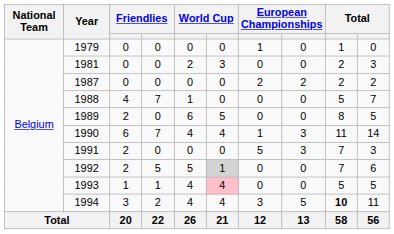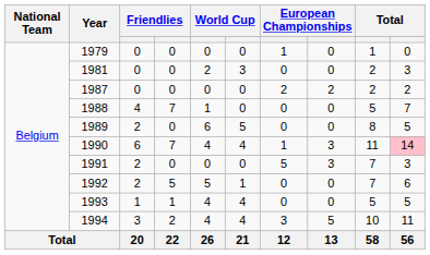 <table class="wikitable">
 <tr>
 <th width=80 rowspan="2">National<br>Team</th>
 <th width=60 rowspan="2">Year</th>
 <th width=80 colspan="2"><a href='#'>Friendlies</a></th>
 <th width=80 colspan="2"><a href='#'>World Cup</a></th>
 <th width=80 colspan="2"><a href='#'>European Championships</a></th>
 <th width=80 colspan="2">Total</th>
 </tr>
 <tr style="text-align:center;">
 <th width=40 App></th>
 <th width=40 abbr="Goals against"></th>
 <th width=40 App></th>
 <th width=40 abbr="Goals against"></th>
 <th width=40 App></th>
 <th width=40 abbr="Goals against"></th>
 <th width=40 App></th>
 <th width=40 abbr="Goals against"></th>
 </tr>
 <tr style="text-align:center;">
 <td rowspan="10" align=center valign=center><a href='#'>Belgium</a><br></td>
 <td>1979</td>
 <td>0</td>
 <td>0</td>
 <td>0</td>
 <td>0</td>
 <td>1</td>
 <td>0</td>
 <td>1</td>
 <td>0</td>
 </tr>
 <tr style="text-align:center;">
 <td>1981</td>
 <td>0</td>
 <td>0</td>
 <td>2</td>
 <td>3</td>
 <td>0</td>
 <td>0</td>
 <td>2</td>
 <td>3</td>
 </tr>
 <tr style="text-align:center;">
 <td>1987</td>
 <td>0</td>
 <td>0</td>
 <td>0</td>
 <td>0</td>
 <td>2</td>
 <td>2</td>
 <td>2</td>
 <td>2</td>
 </tr>
 <tr style="text-align:center;">
 <td>1988</td>
 <td>4</td>
 <td>7</td>
 <td>1</td>
 <td>0</td>
 <td>0</td>
 <td>0</td>
 <td>5</td>
 <td>7</td>
 </tr>
 <tr style="text-align:center;">
 <td>1989</td>
 <td>2</td>
 <td>0</td>
 <td>6</td>
 <td>5</td>
 <td>0</td>
 <td>0</td>
 <td>8</td>
 <td>5</td>
 </tr>
 <tr style="text-align:center;">
 <td>1990</td>
 <td>6</td>
 <td>7</td>
 <td>4</td>
 <td>4</td>
 <td>1</td>
 <td>3</td>
 <td>11</td>
-<td>14</td>
+<td style="background: pink;">14</td>
 </tr>
 <tr style="text-align:center;">
 <td>1991</td>
 <td>2</td>
 <td>0</td>
 <td>0</td>
 <td>0</td>
 <td>5</td>
 <td>3</td>
 <td>7</td>
 <td>3</td>
 </tr>
 <tr style="text-align:center;">
 <td>1992</td>
 <td>2</td>
 <td>5</td>
 <td>5</td>
-<td style="background: lightgrey;">1</td>
+<td>1</td>
 <td>0</td>
 <td>0</td>
 <td>7</td>
 <td>6</td>
 </tr>
 <tr style="text-align:center;">
 <td>1993</td>
 <td>1</td>
 <td>1</td>
 <td>4</td>
-<td style="background: pink;">4</td>
+<td>4</td>
 <td>0</td>
 <td>0</td>
 <td>5</td>
 <td>5</td>
 </tr>
 <tr style="text-align:center;">
 <td>1994</td>
 <td>3</td>
 <td>2</td>
 <td>4</td>
 <td>4</td>
 <td>3</td>
 <td>5</td>
-<td><strong>10</strong></td>
+<td>10</td>
 <td>11</td>
 </tr>
 <tr style="text-align:center;">
 <th align=left colspan="2">Total</th>
 <th align=left>20</th>
 <th align=left>22</th>
 <th align=left>26</th>
 <th align=left>21</th>
 <th align=left>12</th>
 <th align=left>13</th>
 <th align=left>58</th>
 <th align=left>56</th>
 </tr>
 </table>
